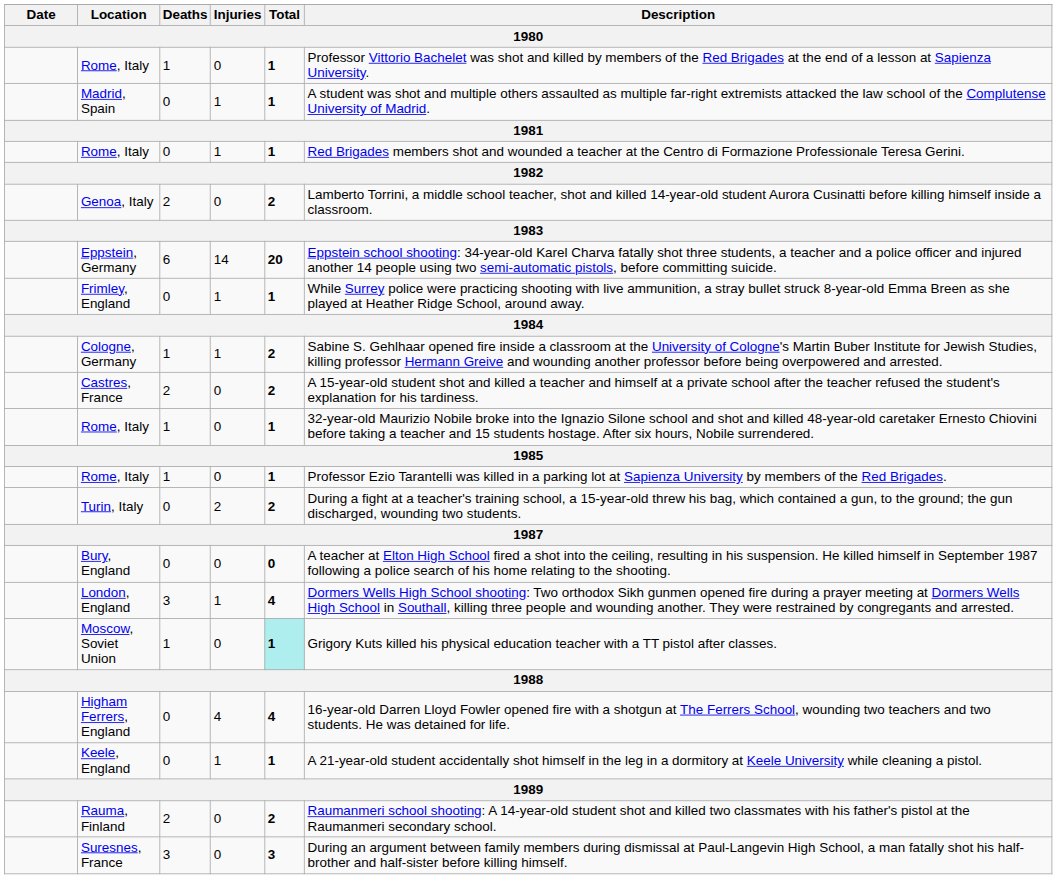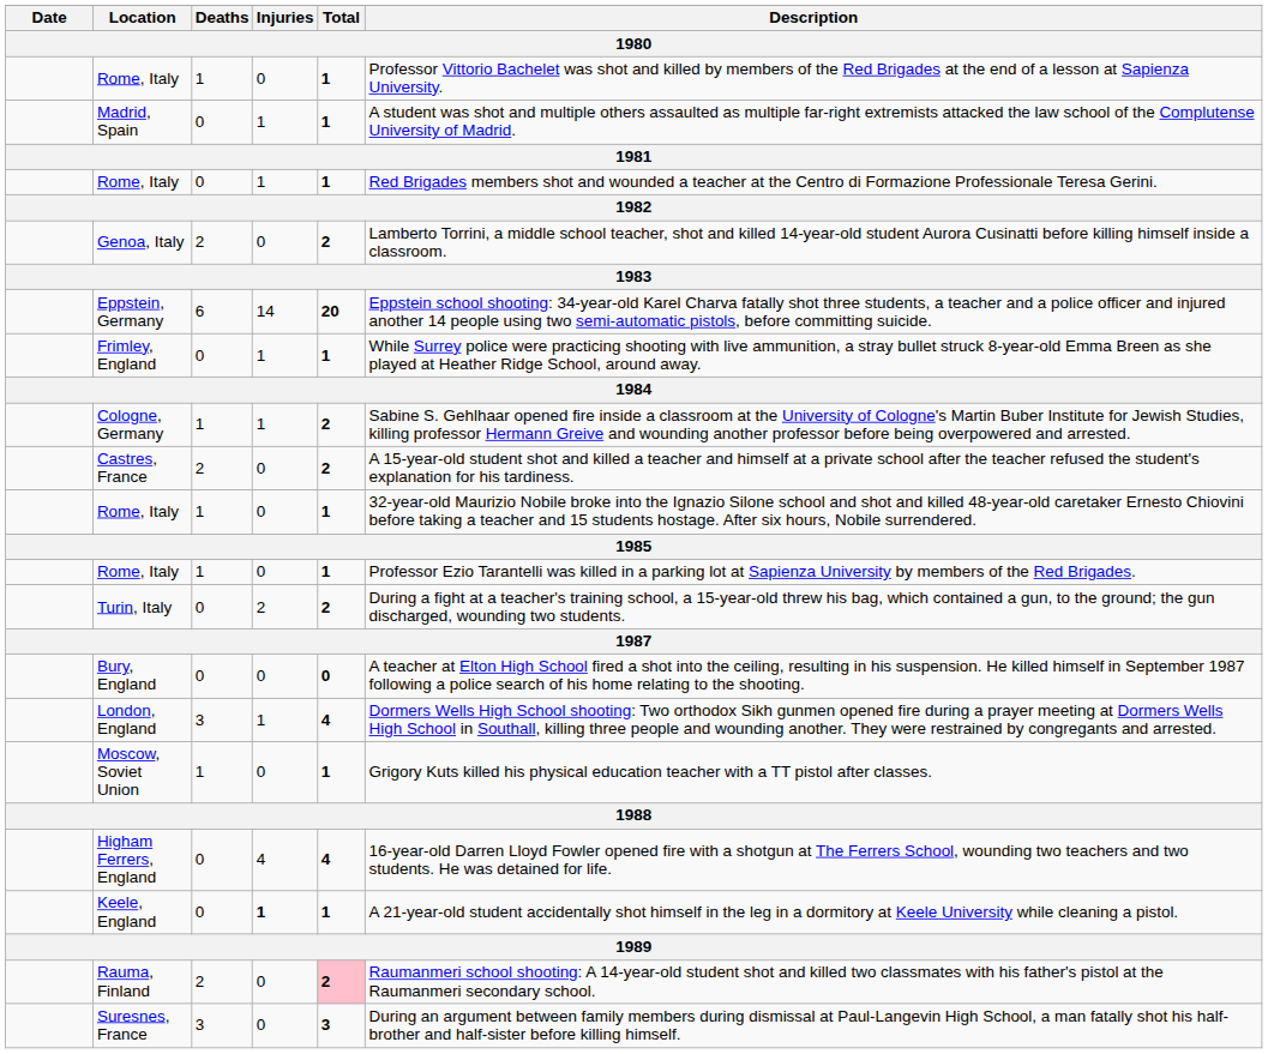 <table class="sortable wikitable" style="font-size:100%;" id="1980s">
 <tr>
 </tr>
 <tr>
 <th style="width:80px;">Date</th>
 <th style="width:90px;">Location</th>
 <th style="width:40px;">Deaths</th>
 <th style="width:40px;">Injuries</th>
 <th style="width:40px;">Total</th>
 <th class="unsortable">Description</th>
 </tr>
 <tr>
 <th colspan="7">1980 </th>
 </tr>
 <tr>
 <td></td>
 <td><a href='#'>Rome</a>, Italy</td>
 <td>1</td>
 <td>0</td>
 <td><strong>1</strong></td>
 <td>Professor <a href='#'>Vittorio Bachelet</a> was shot and killed by members of the <a href='#'>Red Brigades</a> at the end of a lesson at <a href='#'>Sapienza University</a>.</td>
 </tr>
 <tr>
 <td></td>
 <td><a href='#'>Madrid</a>, Spain</td>
 <td>0</td>
 <td>1</td>
 <td><strong>1</strong></td>
 <td>A student was shot and multiple others assaulted as multiple far-right extremists attacked the law school of the <a href='#'>Complutense University of Madrid</a>.</td>
 </tr>
 <tr>
 <th colspan="7">1981 </th>
 </tr>
 <tr>
 <td></td>
 <td><a href='#'>Rome</a>, Italy</td>
 <td>0</td>
 <td>1</td>
 <td><strong>1</strong></td>
 <td><a href='#'>Red Brigades</a> members shot and wounded a teacher at the Centro di Formazione Professionale Teresa Gerini.</td>
 </tr>
 <tr>
 <th colspan="7">1982 </th>
 </tr>
 <tr>
 <td></td>
 <td><a href='#'>Genoa</a>, Italy</td>
 <td>2</td>
 <td>0</td>
 <td><strong>2</strong></td>
 <td>Lamberto Torrini, a middle school teacher, shot and killed 14-year-old student Aurora Cusinatti before killing himself inside a classroom.</td>
 </tr>
 <tr>
 <th colspan="7">1983 </th>
 </tr>
 <tr>
 <td></td>
 <td><a href='#'>Eppstein</a>, Germany</td>
 <td>6</td>
 <td>14</td>
 <td><strong>20</strong></td>
 <td><a href='#'>Eppstein school shooting</a>: 34-year-old Karel Charva fatally shot three students, a teacher and a police officer and injured another 14 people using two <a href='#'>semi-automatic pistols</a>, before committing suicide.</td>
 </tr>
 <tr>
 <td></td>
 <td><a href='#'>Frimley</a>, England</td>
 <td>0</td>
 <td>1</td>
 <td><strong>1</strong></td>
 <td>While <a href='#'>Surrey</a> police were practicing shooting with live ammunition, a stray bullet struck 8-year-old Emma Breen as she played at Heather Ridge School, around  away.</td>
 </tr>
 <tr>
 <th colspan="7">1984 </th>
 </tr>
 <tr>
 <td></td>
 <td><a href='#'>Cologne</a>, Germany</td>
 <td>1</td>
 <td>1</td>
 <td><strong>2</strong></td>
 <td>Sabine S. Gehlhaar opened fire inside a classroom at the <a href='#'>University of Cologne</a>'s Martin Buber Institute for Jewish Studies, killing professor <a href='#'>Hermann Greive</a> and wounding another professor before being overpowered and arrested.</td>
 </tr>
 <tr>
 <td></td>
 <td><a href='#'>Castres</a>, France</td>
 <td>2</td>
 <td>0</td>
 <td><strong>2</strong></td>
 <td>A 15-year-old student shot and killed a teacher and himself at a private school after the teacher refused the student's explanation for his tardiness.</td>
 </tr>
 <tr>
 <td></td>
 <td><a href='#'>Rome</a>, Italy</td>
 <td>1</td>
 <td>0</td>
 <td><strong>1</strong></td>
 <td>32-year-old Maurizio Nobile broke into the Ignazio Silone school and shot and killed 48-year-old caretaker Ernesto Chiovini before taking a teacher and 15 students hostage. After six hours, Nobile surrendered.</td>
 </tr>
 <tr>
 <th colspan="7">1985 </th>
 </tr>
 <tr>
 <td></td>
 <td><a href='#'>Rome</a>, Italy</td>
 <td>1</td>
 <td>0</td>
 <td><strong>1</strong></td>
 <td>Professor Ezio Tarantelli was killed in a parking lot at <a href='#'>Sapienza University</a> by members of the <a href='#'>Red Brigades</a>.</td>
 </tr>
 <tr>
 <td></td>
 <td><a href='#'>Turin</a>, Italy</td>
 <td>0</td>
 <td>2</td>
 <td><strong>2</strong></td>
 <td>During a fight at a teacher's training school, a 15-year-old threw his bag, which contained a gun, to the ground; the gun discharged, wounding two students.</td>
 </tr>
 <tr>
 <th colspan="7">1987 </th>
 </tr>
 <tr>
 <td></td>
 <td><a href='#'>Bury</a>, England</td>
 <td>0</td>
 <td>0</td>
 <td><strong>0</strong></td>
 <td>A teacher at <a href='#'>Elton High School</a> fired a shot into the ceiling, resulting in his suspension. He killed himself in September 1987 following a police search of his home relating to the shooting.</td>
 </tr>
 <tr>
 <td></td>
 <td><a href='#'>London</a>, England</td>
 <td>3</td>
 <td>1</td>
 <td><strong>4</strong></td>
 <td><a href='#'>Dormers Wells High School shooting</a>: Two orthodox Sikh gunmen opened fire during a prayer meeting at <a href='#'>Dormers Wells High School</a> in <a href='#'>Southall</a>, killing three people and wounding another. They were restrained by congregants and arrested.</td>
 </tr>
 <tr>
 <td></td>
 <td><a href='#'>Moscow</a>, Soviet Union</td>
 <td>1</td>
 <td>0</td>
-<td style="background: paleturquoise;"><strong>1</strong></td>
+<td><strong>1</strong></td>
 <td>Grigory Kuts killed his physical education teacher with a TT pistol after classes.</td>
 </tr>
 <tr>
 <th colspan="7">1988 </th>
 </tr>
 <tr>
 <td></td>
 <td><a href='#'>Higham Ferrers</a>, England</td>
 <td>0</td>
 <td>4</td>
 <td><strong>4</strong></td>
 <td>16-year-old Darren Lloyd Fowler opened fire with a shotgun at <a href='#'>The Ferrers School</a>, wounding two teachers and two students. He was detained for life.</td>
 </tr>
 <tr>
 <td></td>
 <td><a href='#'>Keele</a>, England</td>
 <td>0</td>
-<td>1</td>
+<td><strong>1</strong></td>
 <td><strong>1</strong></td>
 <td>A 21-year-old student accidentally shot himself in the leg in a dormitory at <a href='#'>Keele University</a> while cleaning a pistol.</td>
 </tr>
 <tr>
 <th colspan="7">1989 </th>
 </tr>
 <tr>
 <td></td>
 <td><a href='#'>Rauma</a>, Finland</td>
 <td>2</td>
 <td>0</td>
-<td><strong>2</strong></td>
+<td style="background: pink;"><strong>2</strong></td>
 <td><a href='#'>Raumanmeri school shooting</a>: A 14-year-old student shot and killed two classmates with his father's pistol at the Raumanmeri secondary school.</td>
 </tr>
 <tr>
 <td></td>
 <td><a href='#'>Suresnes</a>, France</td>
 <td>3</td>
 <td>0</td>
 <td><strong>3</strong></td>
 <td>During an argument between family members during dismissal at Paul-Langevin High School, a man fatally shot his half-brother and half-sister before killing himself.</td>
 </tr>
 </table>
